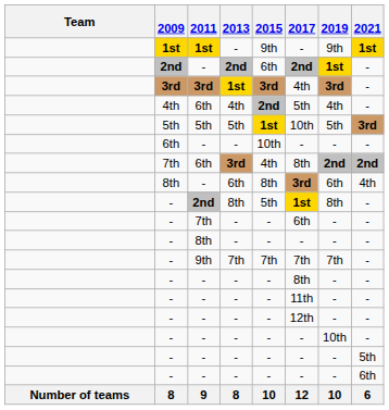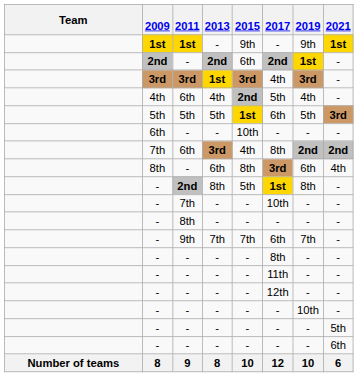 <table class="wikitable" style="text-align:center; font-size:90%">
 <tr>
 <th width=170>Team</th>
 <th width=25><br><a href='#'>2009</a></th>
 <th width=25><br><a href='#'>2011</a></th>
 <th><br><a href='#'>2013</a></th>
 <th width=25><br><a href='#'>2015</a></th>
 <th width=25><br><a href='#'>2017</a></th>
 <th><br><a href='#'>2019</a></th>
 <th width=25><br><a href='#'>2021</a></th>
 </tr>
 <tr>
 <td align=left></td>
 <td bgcolor=gold><strong>1st</strong></td>
 <td bgcolor=gold><strong>1st</strong></td>
 <td>-</td>
 <td>9th</td>
 <td>-</td>
 <td>9th</td>
 <td bgcolor=gold><strong>1st</strong></td>
 </tr>
 <tr>
 <td align=left></td>
 <td bgcolor=silver><strong>2nd</strong></td>
 <td>-</td>
 <td bgcolor=silver><strong>2nd</strong></td>
 <td>6th</td>
 <td bgcolor=silver><strong>2nd</strong></td>
 <td bgcolor=gold><strong>1st</strong></td>
 <td>-</td>
 </tr>
 <tr>
 <td align=left></td>
 <td bgcolor=cc9966><strong>3rd</strong></td>
 <td bgcolor=cc9966><strong>3rd</strong></td>
 <td bgcolor=gold><strong>1st</strong></td>
 <td bgcolor=cc9966><strong>3rd</strong></td>
 <td>4th</td>
 <td bgcolor=cc9966><strong>3rd</strong></td>
 <td>-</td>
 </tr>
 <tr>
 <td align=left></td>
 <td>4th</td>
 <td>6th</td>
 <td>4th</td>
 <td bgcolor=silver><strong>2nd</strong></td>
 <td>5th</td>
 <td>4th</td>
 <td>-</td>
 </tr>
 <tr>
 <td align=left></td>
 <td>5th</td>
 <td>5th</td>
 <td>5th</td>
 <td bgcolor=gold><strong>1st</strong></td>
-<td>10th</td>
+<td>6th</td>
 <td>5th</td>
 <td bgcolor=cc9966><strong>3rd</strong></td>
 </tr>
 <tr>
 <td align=left></td>
 <td>6th</td>
 <td>-</td>
 <td>-</td>
 <td>10th</td>
 <td>-</td>
 <td>-</td>
 <td>-</td>
 </tr>
 <tr>
 <td align=left></td>
 <td>7th</td>
 <td>6th</td>
 <td bgcolor=cc9966><strong>3rd</strong></td>
 <td>4th</td>
 <td>8th</td>
 <td bgcolor=silver><strong>2nd</strong></td>
 <td bgcolor=silver><strong>2nd</strong></td>
 </tr>
 <tr>
 <td align=left></td>
 <td>8th</td>
 <td>-</td>
 <td>6th</td>
 <td>8th</td>
 <td bgcolor=cc9966><strong>3rd</strong></td>
 <td>6th</td>
 <td>4th</td>
 </tr>
 <tr>
 <td align=left></td>
 <td>-</td>
 <td bgcolor=silver><strong>2nd</strong></td>
 <td>8th</td>
 <td>5th</td>
 <td bgcolor=gold><strong>1st</strong></td>
 <td>8th</td>
 <td>-</td>
 </tr>
 <tr>
 <td align=left></td>
 <td>-</td>
 <td>7th</td>
 <td>-</td>
 <td>-</td>
-<td>6th</td>
+<td>10th</td>
 <td>-</td>
 <td>-</td>
 </tr>
 <tr>
 <td align=left></td>
 <td>-</td>
 <td>8th</td>
 <td>-</td>
 <td>-</td>
 <td>-</td>
 <td>-</td>
 <td>-</td>
 </tr>
 <tr>
 <td align=left></td>
 <td>-</td>
 <td>9th</td>
 <td>7th</td>
 <td>7th</td>
-<td>7th</td>
+<td>6th</td>
 <td>7th</td>
 <td>-</td>
 </tr>
 <tr>
 <td align=left></td>
 <td>-</td>
 <td>-</td>
 <td>-</td>
 <td>-</td>
 <td>8th</td>
 <td>-</td>
 <td>-</td>
 </tr>
 <tr>
 <td align=left></td>
 <td>-</td>
 <td>-</td>
 <td>-</td>
 <td>-</td>
 <td>11th</td>
 <td>-</td>
 <td>-</td>
 </tr>
 <tr>
 <td align=left></td>
 <td>-</td>
 <td>-</td>
 <td>-</td>
 <td>-</td>
 <td>12th</td>
 <td>-</td>
 <td>-</td>
 </tr>
 <tr>
 <td align=left></td>
 <td>-</td>
 <td>-</td>
 <td>-</td>
 <td>-</td>
 <td>-</td>
 <td>10th</td>
 <td>-</td>
 </tr>
 <tr>
 <td align=left></td>
 <td>-</td>
 <td>-</td>
 <td>-</td>
 <td>-</td>
 <td>-</td>
 <td>-</td>
 <td>5th</td>
 </tr>
 <tr>
 <td align=left></td>
 <td>-</td>
 <td>-</td>
 <td>-</td>
 <td>-</td>
 <td>-</td>
 <td>-</td>
 <td>6th</td>
 </tr>
 <tr>
 <th>Number of teams</th>
 <th>8</th>
 <th>9</th>
 <th>8</th>
 <th>10</th>
 <th>12</th>
 <th>10</th>
 <th>6</th>
 </tr>
 </table>
